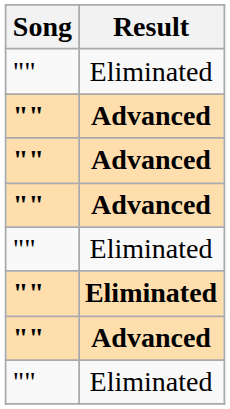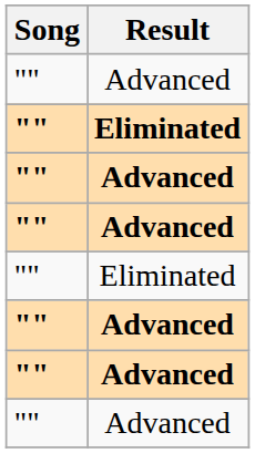 <table class="sortable wikitable" style="margin: 1em auto 1em auto; text-align:center">
 <tr>
 <th>Song</th>
 <th>Result</th>
 </tr>
 <tr>
 <td align="left">""</td>
-<td>Eliminated</td>
+<td>Advanced</td>
 </tr>
 <tr style="font-weight:bold; background:navajowhite;">
 <td align="left">""</td>
-<td>Advanced</td>
+<td>Eliminated</td>
 </tr>
 <tr style="font-weight:bold; background:navajowhite;">
 <td align="left">""</td>
 <td>Advanced</td>
 </tr>
 <tr style="font-weight:bold; background:navajowhite;">
 <td align="left">""</td>
 <td>Advanced</td>
 </tr>
 <tr>
 <td align="left">""</td>
 <td>Eliminated</td>
 </tr>
 <tr style="font-weight:bold; background:navajowhite;">
 <td align="left">""</td>
-<td>Eliminated</td>
+<td>Advanced</td>
 </tr>
 <tr style="font-weight:bold; background:navajowhite;">
 <td align="left">""</td>
 <td>Advanced</td>
 </tr>
 <tr>
 <td align="left">""</td>
-<td>Eliminated</td>
+<td>Advanced</td>
 </tr>
 </table>
